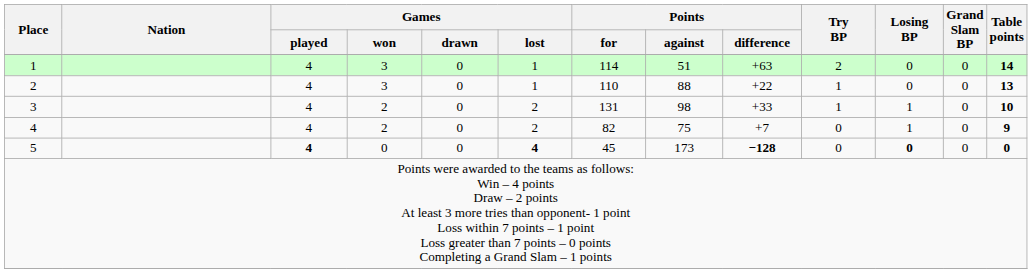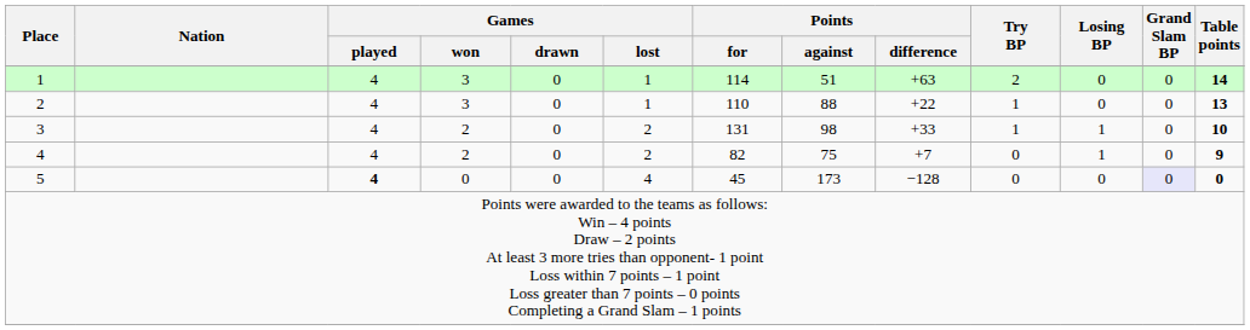 <table class="wikitable">
 <tr>
 <th rowspan=2 width="6%">Place</th>
 <th rowspan=2 width="23%">Nation</th>
 <th colspan=4 width="40%">Games</th>
 <th colspan=3 width="24%">Points</th>
 <th rowspan=2 width="8%">Try<br>BP</th>
 <th rowspan=2 width="8%">Losing<br>BP</th>
 <th rowspan=2 width="8%">Grand Slam<br>BP</th>
 <th rowspan=2 width="10%">Table<br>points</th>
 </tr>
 <tr>
 <th width="8%">played</th>
 <th width="8%">won</th>
 <th width="8%">drawn</th>
 <th width="8%">lost</th>
 <th width="8%">for</th>
 <th width="8%">against</th>
 <th width="8%">difference</th>
 </tr>
 <tr>
 </tr>
 <tr align="center" bgcolor="#ccffcc">
 <td>1</td>
 <td align=left></td>
 <td>4</td>
 <td>3</td>
 <td>0</td>
 <td>1</td>
 <td>114</td>
 <td>51</td>
 <td>+63</td>
 <td>2</td>
 <td>0</td>
 <td>0</td>
 <td><strong>14</strong></td>
 </tr>
 <tr align=center>
 <td>2</td>
 <td align=left></td>
 <td>4</td>
 <td>3</td>
 <td>0</td>
 <td>1</td>
 <td>110</td>
 <td>88</td>
 <td>+22</td>
 <td>1</td>
 <td>0</td>
 <td>0</td>
 <td><strong>13</strong></td>
 </tr>
 <tr align=center>
 <td>3</td>
 <td align=left></td>
 <td>4</td>
 <td>2</td>
 <td>0</td>
 <td>2</td>
 <td>131</td>
 <td>98</td>
 <td>+33</td>
 <td>1</td>
 <td>1</td>
 <td>0</td>
 <td><strong>10</strong></td>
 </tr>
 <tr align=center>
 <td>4</td>
 <td align=left></td>
 <td>4</td>
 <td>2</td>
 <td>0</td>
 <td>2</td>
 <td>82</td>
 <td>75</td>
 <td>+7</td>
 <td>0</td>
 <td>1</td>
 <td>0</td>
 <td><strong>9</strong></td>
 </tr>
 <tr align="center">
 <td>5</td>
 <td align=left></td>
 <td><strong>4</strong></td>
 <td>0</td>
 <td>0</td>
-<td><strong>4</strong></td>
+<td>4</td>
 <td>45</td>
 <td>173</td>
-<td><strong>−128</strong></td>
+<td>−128</td>
 <td>0</td>
-<td><strong>0</strong></td>
 <td>0</td>
+<td style="background: lavender;">0</td>
 <td><strong>0</strong></td>
 </tr>
 <tr>
 <td style="text-align:center;" colspan="100">Points were awarded to the teams as follows:<br>Win – 4 points<br>Draw – 2 points<br> At least 3 more tries than opponent- 1 point<br> Loss within 7 points – 1 point<br>Loss greater than 7 points – 0 points<br>Completing a Grand Slam – 1 points</td>
 </tr>
 <tr>
 </tr>
 </table>
